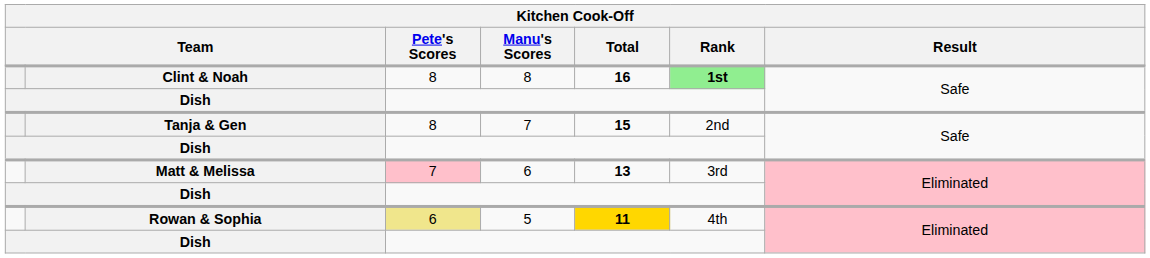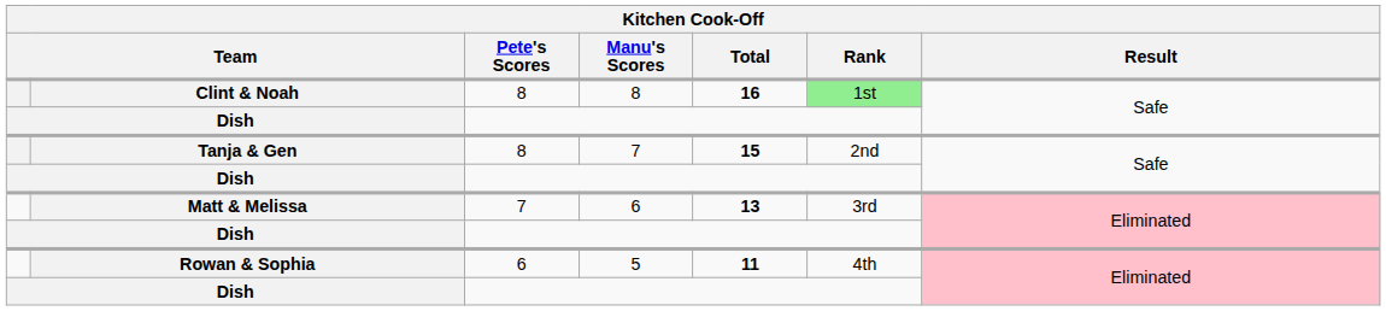 <table class="wikitable plainrowheaders" style="margin:1em auto; text-align:center; font-size:90%; width:80em;">
 <tr>
 <th colspan= "20" >Kitchen Cook-Off</th>
 </tr>
 <tr>
 <th colspan="2" scope="col" style="width:20%;">Team</th>
 <th scope="col" style="width:5%;"><a href='#'>Pete</a>'s Scores</th>
 <th scope="col" style="width:5%;"><a href='#'>Manu</a>'s Scores</th>
 <th scope="col" style="width:5%;">Total<br><small></small></th>
 <th scope="col" style="width:5%;">Rank</th>
 <th scope="col" style="width:20%;">Result</th>
 </tr>
 <tr>
 </tr>
 <tr style="border-top:3px solid #aaa;">
 <th></th>
 <th>Clint & Noah</th>
 <td>8</td>
 <td>8</td>
 <td><strong>16</strong></td>
-<td style="background:lightgreen"><strong>1st</strong></td>
+<td style="background:lightgreen">1st</td>
 <td rowspan="2">Safe</td>
 </tr>
 <tr>
 <th colspan="2">Dish</th>
 <td colspan="4"></td>
 </tr>
 <tr style="border-top:3px solid #aaa;">
 <th></th>
 <th>Tanja & Gen</th>
 <td>8</td>
 <td>7</td>
 <td><strong>15</strong></td>
 <td>2nd</td>
 <td rowspan="2">Safe</td>
 </tr>
 <tr>
 <th colspan="2">Dish</th>
 <td colspan="4"></td>
 </tr>
 <tr style="border-top:3px solid #aaa;">
 <td></td>
 <th>Matt & Melissa</th>
-<td style="background: pink;">7</td>
+<td>7</td>
 <td>6</td>
 <td><strong>13</strong></td>
 <td>3rd</td>
 <td rowspan="2" style="background:pink;">Eliminated</td>
 </tr>
 <tr>
 <th colspan="2">Dish</th>
 <td colspan="4"></td>
 </tr>
 <tr style="border-top:3px solid #aaa;">
 <td></td>
 <th>Rowan & Sophia</th>
-<td style="background: khaki;">6</td>
+<td>6</td>
 <td>5</td>
-<td style="background: gold;"><strong>11</strong></td>
+<td><strong>11</strong></td>
 <td>4th</td>
 <td rowspan="2" style="background:pink;">Eliminated</td>
 </tr>
 <tr>
 <th colspan="2">Dish</th>
 <td colspan="4"></td>
 </tr>
 </table>
